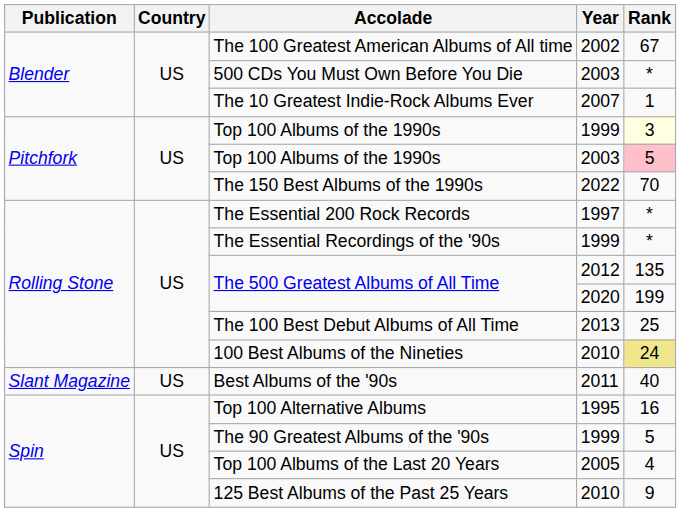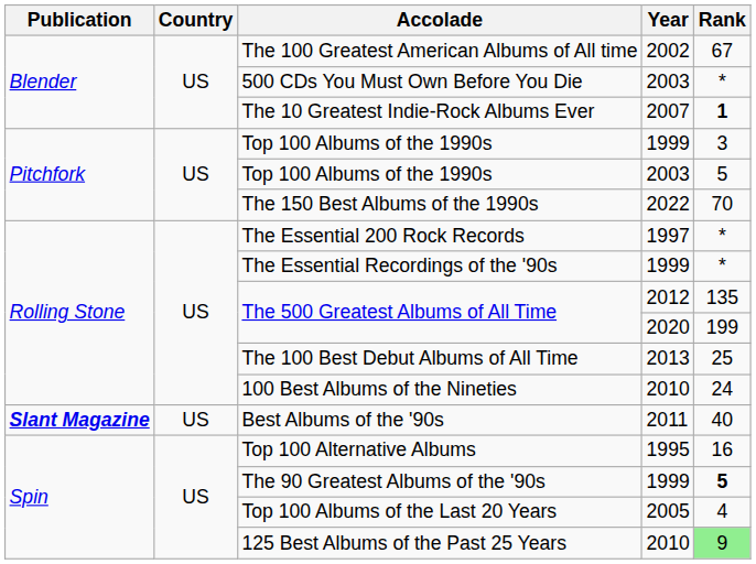 <table class="wikitable sortable">
 <tr>
 <th>Publication</th>
 <th>Country</th>
 <th>Accolade</th>
 <th>Year</th>
 <th>Rank</th>
 </tr>
 <tr>
 <td rowspan="3"><em><a href='#'>Blender</a></em></td>
 <td rowspan="3" style="text-align:center">US</td>
 <td>The 100 Greatest American Albums of All time</td>
 <td>2002</td>
 <td align="center">67</td>
 </tr>
 <tr>
 <td>500 CDs You Must Own Before You Die</td>
 <td>2003</td>
 <td align="center">*</td>
 </tr>
 <tr>
 <td>The 10 Greatest Indie-Rock Albums Ever</td>
 <td>2007</td>
-<td align="center">1</td>
+<td align="center"><strong>1</strong></td>
 </tr>
 <tr>
 <td rowspan="3"><em><a href='#'>Pitchfork</a></em></td>
 <td rowspan="3" style="text-align:center">US</td>
 <td>Top 100 Albums of the 1990s</td>
 <td>1999</td>
-<td align="center" style="background: lightyellow;">3</td>
+<td align="center">3</td>
 </tr>
 <tr>
 <td>Top 100 Albums of the 1990s</td>
 <td>2003</td>
-<td align="center" style="background: pink;">5</td>
+<td align="center">5</td>
 </tr>
 <tr>
 <td>The 150 Best Albums of the 1990s</td>
 <td>2022</td>
 <td align="center">70</td>
 </tr>
 <tr>
 <td rowspan="6"><em><a href='#'>Rolling Stone</a></em></td>
 <td rowspan="6" style="text-align:center">US</td>
 <td>The Essential 200 Rock Records</td>
 <td>1997</td>
 <td align="center">*</td>
 </tr>
 <tr>
 <td>The Essential Recordings of the '90s</td>
 <td>1999</td>
 <td align="center">*</td>
 </tr>
 <tr>
 <td rowspan="2"><a href='#'>The 500 Greatest Albums of All Time</a></td>
 <td>2012</td>
 <td align="center">135</td>
 </tr>
 <tr>
 <td>2020</td>
 <td align="center">199</td>
 </tr>
 <tr>
 <td>The 100 Best Debut Albums of All Time</td>
 <td>2013</td>
 <td align="center">25</td>
 </tr>
 <tr>
 <td>100 Best Albums of the Nineties</td>
 <td>2010</td>
-<td align="center" style="background: khaki;">24</td>
+<td align="center">24</td>
 </tr>
 <tr>
-<td><em><a href='#'>Slant Magazine</a></em></td>
+<td><strong><em><a href='#'>Slant Magazine</a></em></strong></td>
 <td rowspan="1" style="text-align:center">US</td>
 <td>Best Albums of the '90s</td>
 <td>2011</td>
 <td align="center">40</td>
 </tr>
 <tr>
 <td rowspan="4"><em><a href='#'>Spin</a></em></td>
 <td rowspan="4" style="text-align:center">US</td>
 <td>Top 100 Alternative Albums</td>
 <td>1995</td>
 <td align="center">16</td>
 </tr>
 <tr>
 <td>The 90 Greatest Albums of the '90s</td>
 <td>1999</td>
-<td align="center">5</td>
+<td align="center"><strong>5</strong></td>
 </tr>
 <tr>
 <td>Top 100 Albums of the Last 20 Years</td>
 <td>2005</td>
 <td align="center">4</td>
 </tr>
 <tr>
 <td>125 Best Albums of the Past 25 Years</td>
 <td>2010</td>
-<td align="center">9</td>
+<td align="center" style="background: lightgreen;">9</td>
 </tr>
 </table>
